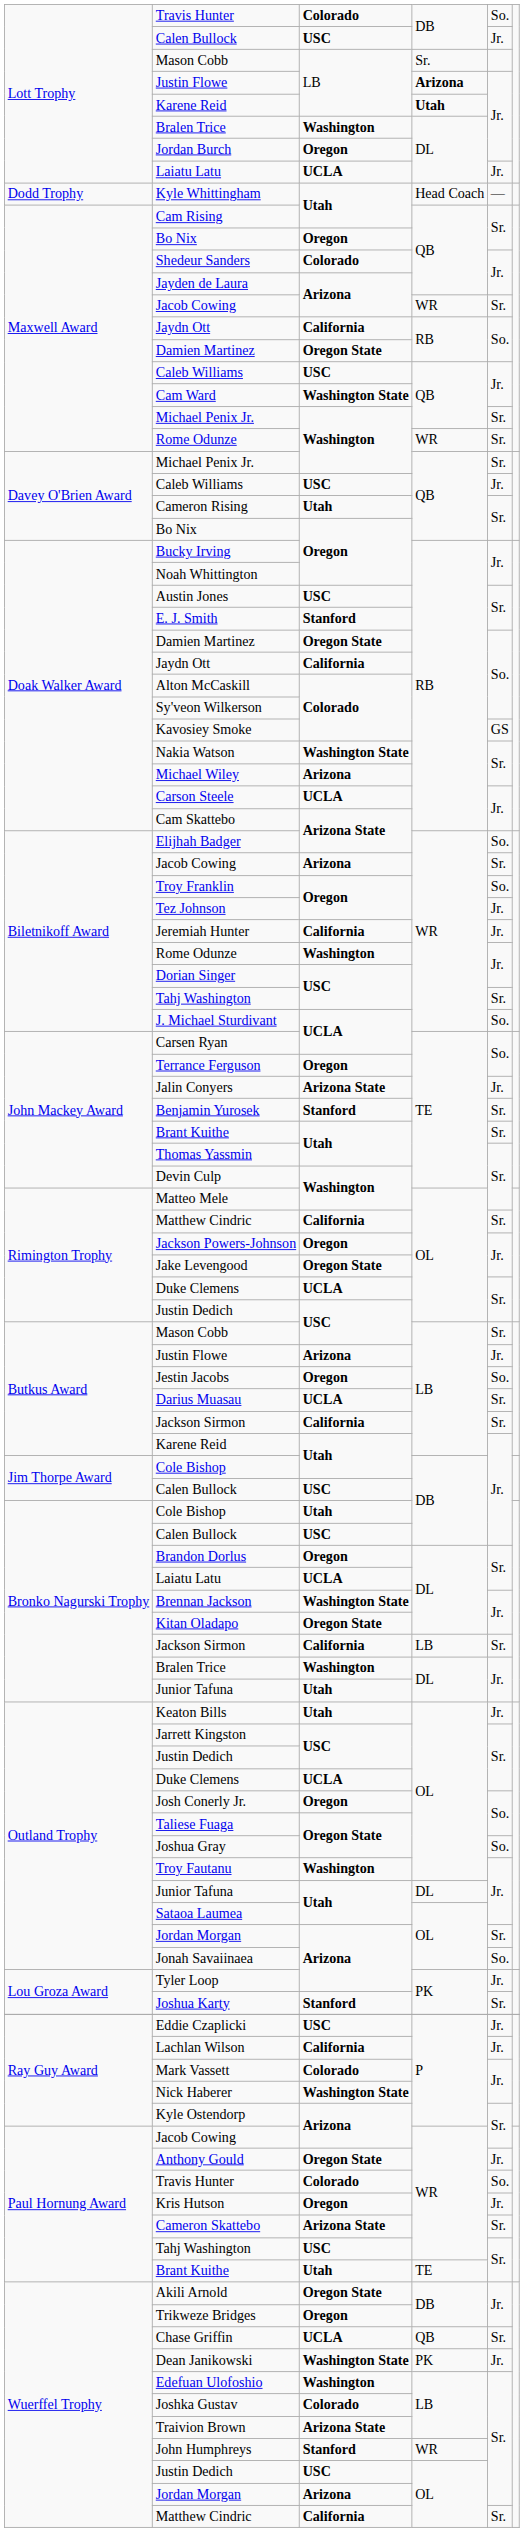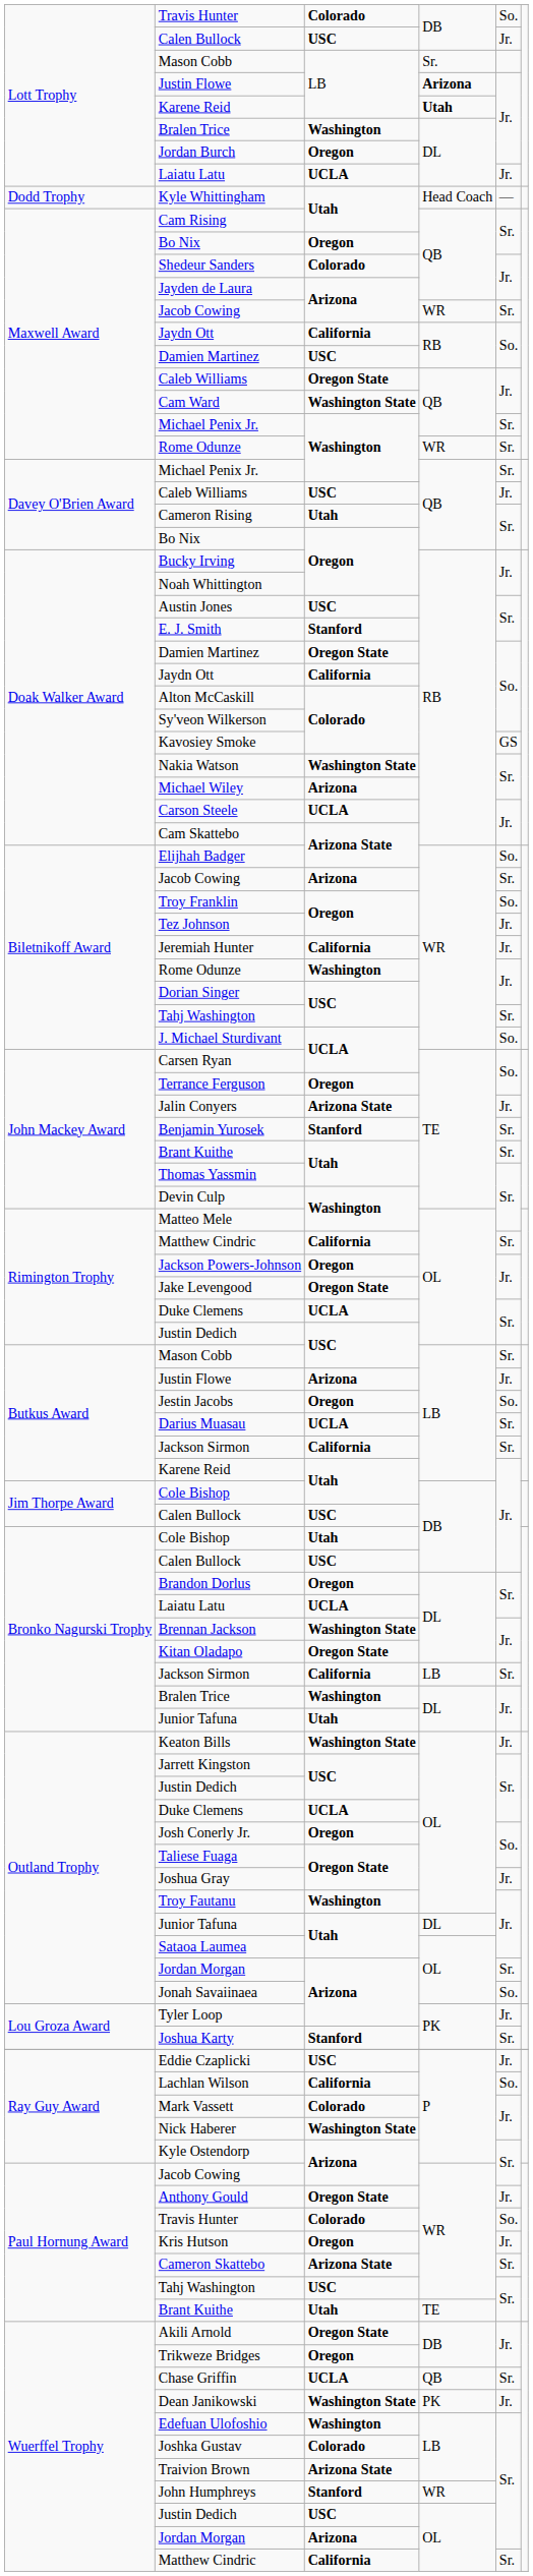 <table class="wikitable">
 <tr>
 <td rowspan=8><a href='#'>Lott Trophy</a></td>
 <td><a href='#'>Travis Hunter</a></td>
 <td><strong>Colorado</strong></td>
 <td rowspan=2>DB</td>
 <td>So.</td>
 <td rowspan=8></td>
 </tr>
 <tr>
 <td><a href='#'>Calen Bullock</a></td>
 <td><strong>USC</strong></td>
 <td>Jr.</td>
 </tr>
 <tr>
 <td>Mason Cobb</td>
 <td rowspan=3>LB</td>
 <td>Sr.</td>
 </tr>
 <tr>
 <td><a href='#'>Justin Flowe</a></td>
 <td><strong>Arizona</strong></td>
 <td rowspan=4>Jr.</td>
 </tr>
 <tr>
 <td><a href='#'>Karene Reid</a></td>
 <td><strong>Utah</strong></td>
 </tr>
 <tr>
 <td><a href='#'>Bralen Trice</a></td>
 <td><strong>Washington</strong></td>
 <td rowspan=3>DL</td>
 </tr>
 <tr>
 <td><a href='#'>Jordan Burch</a></td>
 <td><strong>Oregon</strong></td>
 </tr>
 <tr>
 <td><a href='#'>Laiatu Latu</a></td>
 <td><strong>UCLA</strong></td>
 <td> Jr.</td>
 </tr>
 <tr>
 <td><a href='#'>Dodd Trophy</a></td>
 <td><a href='#'>Kyle Whittingham</a></td>
 <td rowspan=2><strong>Utah</strong></td>
 <td>Head Coach</td>
 <td>—</td>
 <td></td>
 </tr>
 <tr>
 <td rowspan=11><a href='#'>Maxwell Award</a></td>
 <td><a href='#'>Cam Rising</a></td>
 <td rowspan=4>QB</td>
 <td rowspan=2>Sr.</td>
 <td rowspan=11></td>
 </tr>
 <tr>
 <td><a href='#'>Bo Nix</a></td>
 <td><strong>Oregon</strong></td>
 </tr>
 <tr>
 <td><a href='#'>Shedeur Sanders</a></td>
 <td><strong>Colorado</strong></td>
 <td rowspan=2>Jr.</td>
 </tr>
 <tr>
 <td><a href='#'>Jayden de Laura</a></td>
 <td rowspan=2><strong>Arizona</strong></td>
 </tr>
 <tr>
 <td><a href='#'>Jacob Cowing</a></td>
 <td>WR</td>
 <td>Sr.</td>
 </tr>
 <tr>
 <td><a href='#'>Jaydn Ott</a></td>
 <td><strong>California</strong></td>
 <td rowspan=2>RB</td>
 <td rowspan=2>So.</td>
 </tr>
 <tr>
 <td><a href='#'>Damien Martinez</a></td>
-<td><strong>Oregon State</strong></td>
+<td><strong>USC</strong></td>
 </tr>
 <tr>
 <td><a href='#'>Caleb Williams</a></td>
-<td><strong>USC</strong></td>
+<td><strong>Oregon State</strong></td>
 <td rowspan=3>QB</td>
 <td rowspan=2>Jr.</td>
 </tr>
 <tr>
 <td><a href='#'>Cam Ward</a></td>
 <td><strong>Washington State</strong></td>
 </tr>
 <tr>
 <td><a href='#'>Michael Penix Jr.</a></td>
 <td rowspan=3><strong>Washington</strong></td>
 <td>Sr.</td>
 </tr>
 <tr>
 <td><a href='#'>Rome Odunze</a></td>
 <td>WR</td>
 <td>Sr.</td>
 </tr>
 <tr>
 <td rowspan=4><a href='#'>Davey O'Brien Award</a></td>
 <td>Michael Penix Jr.</td>
 <td rowspan=4>QB</td>
 <td>Sr.</td>
 <td rowspan=4></td>
 </tr>
 <tr>
 <td>Caleb Williams</td>
 <td><strong>USC</strong></td>
 <td>Jr.</td>
 </tr>
 <tr>
 <td>Cameron Rising</td>
 <td><strong>Utah</strong></td>
 <td rowspan=2>Sr.</td>
 </tr>
 <tr>
 <td>Bo Nix</td>
 <td rowspan=3><strong>Oregon</strong></td>
 </tr>
 <tr>
 <td rowspan=13><a href='#'>Doak Walker Award</a></td>
 <td><a href='#'>Bucky Irving</a></td>
 <td rowspan=13>RB</td>
 <td rowspan=2>Jr.</td>
 <td rowspan=13></td>
 </tr>
 <tr>
 <td>Noah Whittington</td>
 </tr>
 <tr>
 <td>Austin Jones</td>
 <td><strong>USC</strong></td>
 <td rowspan=2>Sr.</td>
 </tr>
 <tr>
 <td><a href='#'>E. J. Smith</a></td>
 <td><strong>Stanford</strong></td>
 </tr>
 <tr>
 <td>Damien Martinez</td>
 <td><strong>Oregon State</strong></td>
 <td rowspan=4>So.</td>
 </tr>
 <tr>
 <td>Jaydn Ott</td>
 <td><strong>California</strong></td>
 </tr>
 <tr>
 <td>Alton McCaskill</td>
 <td rowspan=3><strong>Colorado</strong></td>
 </tr>
 <tr>
 <td>Sy'veon Wilkerson</td>
 </tr>
 <tr>
 <td>Kavosiey Smoke</td>
 <td>GS</td>
 </tr>
 <tr>
 <td>Nakia Watson</td>
 <td><strong>Washington State</strong></td>
 <td rowspan=2>Sr.</td>
 </tr>
 <tr>
 <td><a href='#'>Michael Wiley</a></td>
 <td><strong>Arizona</strong></td>
 </tr>
 <tr>
 <td><a href='#'>Carson Steele</a></td>
 <td><strong>UCLA</strong></td>
 <td rowspan=2>Jr.</td>
 </tr>
 <tr>
 <td>Cam Skattebo</td>
 <td rowspan=2><strong>Arizona State</strong></td>
 </tr>
 <tr>
 <td rowspan=9><a href='#'>Biletnikoff Award</a></td>
 <td><a href='#'>Elijhah Badger</a></td>
 <td rowspan=9>WR</td>
 <td>So.</td>
 <td rowspan=9></td>
 </tr>
 <tr>
 <td>Jacob Cowing</td>
 <td><strong>Arizona</strong></td>
 <td>Sr.</td>
 </tr>
 <tr>
 <td><a href='#'>Troy Franklin</a></td>
 <td rowspan=2><strong>Oregon</strong></td>
 <td>So.</td>
 </tr>
 <tr>
 <td><a href='#'>Tez Johnson</a></td>
 <td>Jr.</td>
 </tr>
 <tr>
 <td>Jeremiah Hunter</td>
 <td><strong>California</strong></td>
 <td> Jr.</td>
 </tr>
 <tr>
 <td>Rome Odunze</td>
 <td><strong>Washington</strong></td>
 <td rowspan=2>Jr.</td>
 </tr>
 <tr>
 <td><a href='#'>Dorian Singer</a></td>
 <td rowspan=2><strong>USC</strong></td>
 </tr>
 <tr>
 <td><a href='#'>Tahj Washington</a></td>
 <td> Sr.</td>
 </tr>
 <tr>
 <td><a href='#'>J. Michael Sturdivant</a></td>
 <td rowspan=2><strong>UCLA</strong></td>
 <td> So.</td>
 </tr>
 <tr>
 <td rowspan=7><a href='#'>John Mackey Award</a></td>
 <td>Carsen Ryan</td>
 <td rowspan=7>TE</td>
 <td rowspan=2>So.</td>
 <td rowspan=7></td>
 </tr>
 <tr>
 <td><a href='#'>Terrance Ferguson</a></td>
 <td><strong>Oregon</strong></td>
 </tr>
 <tr>
 <td>Jalin Conyers</td>
 <td><strong>Arizona State</strong></td>
 <td> Jr.</td>
 </tr>
 <tr>
 <td><a href='#'>Benjamin Yurosek</a></td>
 <td><strong>Stanford</strong></td>
 <td>Sr.</td>
 </tr>
 <tr>
 <td><a href='#'>Brant Kuithe</a></td>
 <td rowspan=2><strong>Utah</strong></td>
 <td> Sr.</td>
 </tr>
 <tr>
 <td><a href='#'>Thomas Yassmin</a></td>
 <td rowspan=3>Sr.</td>
 </tr>
 <tr>
 <td>Devin Culp</td>
 <td rowspan=2><strong>Washington</strong></td>
 </tr>
 <tr>
 <td rowspan=6><a href='#'>Rimington Trophy</a></td>
 <td>Matteo Mele</td>
 <td rowspan=6>OL</td>
 <td rowspan=6></td>
 </tr>
 <tr>
 <td>Matthew Cindric</td>
 <td><strong>California</strong></td>
 <td> Sr.</td>
 </tr>
 <tr>
 <td><a href='#'>Jackson Powers-Johnson</a></td>
 <td><strong>Oregon</strong></td>
 <td rowspan=2>Jr.</td>
 </tr>
 <tr>
 <td>Jake Levengood</td>
 <td><strong>Oregon State</strong></td>
 </tr>
 <tr>
 <td>Duke Clemens</td>
 <td><strong>UCLA</strong></td>
 <td rowspan=2> Sr.</td>
 </tr>
 <tr>
 <td>Justin Dedich</td>
 <td rowspan=2><strong>USC</strong></td>
 </tr>
 <tr>
 <td rowspan=6><a href='#'>Butkus Award</a></td>
 <td>Mason Cobb</td>
 <td rowspan=6>LB</td>
 <td>Sr.</td>
 <td rowspan=6></td>
 </tr>
 <tr>
 <td>Justin Flowe</td>
 <td><strong>Arizona</strong></td>
 <td>Jr.</td>
 </tr>
 <tr>
 <td>Jestin Jacobs</td>
 <td><strong>Oregon</strong></td>
 <td>So.</td>
 </tr>
 <tr>
 <td><a href='#'>Darius Muasau</a></td>
 <td><strong>UCLA</strong></td>
 <td> Sr.</td>
 </tr>
 <tr>
 <td>Jackson Sirmon</td>
 <td><strong>California</strong></td>
 <td> Sr.</td>
 </tr>
 <tr>
 <td>Karene Reid</td>
 <td rowspan=2><strong>Utah</strong></td>
 <td rowspan=5>Jr.</td>
 </tr>
 <tr>
 <td rowspan=2><a href='#'>Jim Thorpe Award</a></td>
 <td><a href='#'>Cole Bishop</a></td>
 <td rowspan=4>DB</td>
 <td rowspan=2></td>
 </tr>
 <tr>
 <td>Calen Bullock</td>
 <td><strong>USC</strong></td>
 </tr>
 <tr>
 <td rowspan=9><a href='#'>Bronko Nagurski Trophy</a></td>
 <td>Cole Bishop</td>
 <td><strong>Utah</strong></td>
 <td rowspan=9></td>
 </tr>
 <tr>
 <td>Calen Bullock</td>
 <td><strong>USC</strong></td>
 </tr>
 <tr>
 <td><a href='#'>Brandon Dorlus</a></td>
 <td><strong>Oregon</strong></td>
 <td rowspan=4>DL</td>
 <td rowspan=2>Sr.</td>
 </tr>
 <tr>
 <td>Laiatu Latu</td>
 <td><strong>UCLA</strong></td>
 </tr>
 <tr>
 <td><a href='#'>Brennan Jackson</a></td>
 <td><strong>Washington State</strong></td>
 <td rowspan=2> Jr.</td>
 </tr>
 <tr>
 <td><a href='#'>Kitan Oladapo</a></td>
 <td><strong>Oregon State</strong></td>
 </tr>
 <tr>
 <td>Jackson Sirmon</td>
 <td><strong>California</strong></td>
 <td>LB</td>
 <td> Sr.</td>
 </tr>
 <tr>
 <td>Bralen Trice</td>
 <td><strong>Washington</strong></td>
 <td rowspan=2>DL</td>
 <td rowspan=2>Jr.</td>
 </tr>
 <tr>
 <td>Junior Tafuna</td>
 <td><strong>Utah</strong></td>
 </tr>
 <tr>
 <td rowspan=12><a href='#'>Outland Trophy</a></td>
 <td>Keaton Bills</td>
-<td><strong>Utah</strong></td>
+<td><strong>Washington State</strong></td>
 <td rowspan=8>OL</td>
 <td>Jr.</td>
 <td rowspan=12></td>
 </tr>
 <tr>
 <td>Jarrett Kingston</td>
 <td rowspan=2><strong>USC</strong></td>
 <td rowspan=3> Sr.</td>
 </tr>
 <tr>
 <td>Justin Dedich</td>
 </tr>
 <tr>
 <td>Duke Clemens</td>
 <td><strong>UCLA</strong></td>
 </tr>
 <tr>
 <td>Josh Conerly Jr.</td>
 <td><strong>Oregon</strong></td>
 <td rowspan=2>So.</td>
 </tr>
 <tr>
 <td><a href='#'>Taliese Fuaga</a></td>
 <td rowspan=2><strong>Oregon State</strong></td>
 </tr>
 <tr>
 <td>Joshua Gray</td>
-<td> So.</td>
+<td> Jr.</td>
 </tr>
 <tr>
 <td><a href='#'>Troy Fautanu</a></td>
 <td><strong>Washington</strong></td>
 <td rowspan=3>Jr.</td>
 </tr>
 <tr>
 <td>Junior Tafuna</td>
 <td rowspan=2><strong>Utah</strong></td>
 <td>DL</td>
 </tr>
 <tr>
 <td><a href='#'>Sataoa Laumea</a></td>
 <td rowspan=3>OL</td>
 </tr>
 <tr>
 <td><a href='#'>Jordan Morgan</a></td>
 <td rowspan=3><strong>Arizona</strong></td>
 <td>Sr.</td>
 </tr>
 <tr>
 <td>Jonah Savaiinaea</td>
 <td>So.</td>
 </tr>
 <tr>
 <td rowspan=2><a href='#'>Lou Groza Award</a></td>
 <td>Tyler Loop</td>
 <td rowspan=2>PK</td>
 <td>Jr.</td>
 <td rowspan=2></td>
 </tr>
 <tr>
 <td><a href='#'>Joshua Karty</a></td>
 <td><strong>Stanford</strong></td>
 <td>Sr.</td>
 </tr>
 <tr>
 </tr>
 <tr>
 <td rowspan=5><a href='#'>Ray Guy Award</a></td>
 <td>Eddie Czaplicki</td>
 <td><strong>USC</strong></td>
 <td rowspan=5>P</td>
 <td>Jr.</td>
 <td rowspan=5></td>
 </tr>
 <tr>
 <td>Lachlan Wilson</td>
 <td><strong>California</strong></td>
-<td> Jr.</td>
+<td> So.</td>
 </tr>
 <tr>
 <td>Mark Vassett</td>
 <td><strong>Colorado</strong></td>
 <td rowspan=2>Jr.</td>
 </tr>
 <tr>
 <td>Nick Haberer</td>
 <td><strong>Washington State</strong></td>
 </tr>
 <tr>
 <td>Kyle Ostendorp</td>
 <td rowspan=2><strong>Arizona</strong></td>
 <td rowspan=2>Sr.</td>
 </tr>
 <tr>
 <td rowspan=7><a href='#'>Paul Hornung Award</a></td>
 <td>Jacob Cowing</td>
 <td rowspan=6>WR</td>
 <td rowspan=7></td>
 </tr>
 <tr>
 <td><a href='#'>Anthony Gould</a></td>
 <td><strong>Oregon State</strong></td>
 <td> Jr.</td>
 </tr>
 <tr>
 <td>Travis Hunter</td>
 <td><strong>Colorado</strong></td>
 <td>So.</td>
 </tr>
 <tr>
 <td>Kris Hutson</td>
 <td><strong>Oregon</strong></td>
 <td>Jr.</td>
 </tr>
 <tr>
 <td><a href='#'>Cameron Skattebo</a></td>
 <td><strong>Arizona State</strong></td>
 <td>Sr.</td>
 </tr>
 <tr>
 <td>Tahj Washington</td>
 <td><strong>USC</strong></td>
 <td rowspan=2> Sr.</td>
 </tr>
 <tr>
 <td><a href='#'>Brant Kuithe</a></td>
 <td><strong>Utah</strong></td>
 <td>TE</td>
 </tr>
 <tr>
 <td rowspan=11><a href='#'>Wuerffel Trophy</a></td>
 <td>Akili Arnold</td>
 <td><strong>Oregon State</strong></td>
 <td rowspan=2>DB</td>
 <td rowspan=2>Jr.</td>
 <td rowspan=11></td>
 </tr>
 <tr>
 <td>Trikweze Bridges</td>
 <td><strong>Oregon</strong></td>
 </tr>
 <tr>
 <td>Chase Griffin</td>
 <td><strong>UCLA</strong></td>
 <td>QB</td>
 <td>Sr.</td>
 </tr>
 <tr>
 <td>Dean Janikowski</td>
 <td><strong>Washington State</strong></td>
 <td>PK</td>
 <td>Jr.</td>
 </tr>
 <tr>
 <td><a href='#'>Edefuan Ulofoshio</a></td>
 <td><strong>Washington</strong></td>
 <td rowspan=3>LB</td>
 <td rowspan=6>Sr.</td>
 </tr>
 <tr>
 <td>Joshka Gustav</td>
 <td><strong>Colorado</strong></td>
 </tr>
 <tr>
 <td>Traivion Brown</td>
 <td><strong>Arizona State</strong></td>
 </tr>
 <tr>
 <td>John Humphreys</td>
 <td><strong>Stanford</strong></td>
 <td>WR</td>
 </tr>
 <tr>
 <td>Justin Dedich</td>
 <td><strong>USC</strong></td>
 <td rowspan=3>OL</td>
 </tr>
 <tr>
 <td><a href='#'>Jordan Morgan</a></td>
 <td><strong>Arizona</strong></td>
 </tr>
 <tr>
 <td>Matthew Cindric</td>
 <td><strong>California</strong></td>
 <td> Sr.</td>
 </tr>
 </table>
